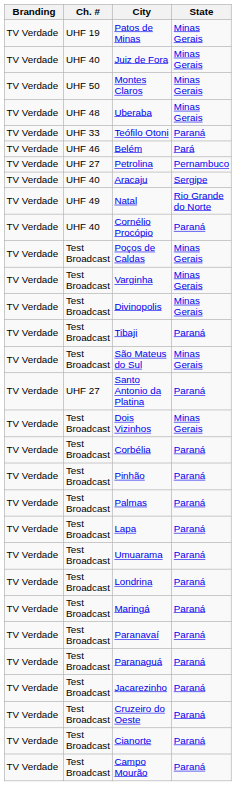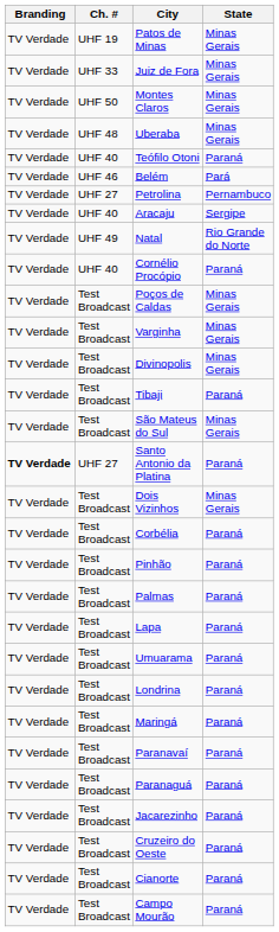 <table class="wikitable sortable" style="=width:400px;">
 <tr>
 <th scope="col" style="width: 90px;">Branding</th>
 <th scope="col" style="width: 70px;">Ch. #</th>
 <th scope="col" style="width: 90px;">City</th>
 <th scope="col" style="width: 90px;">State</th>
 </tr>
 <tr>
 <td>TV Verdade</td>
 <td>UHF 19</td>
 <td><a href='#'>Patos de Minas</a></td>
 <td><a href='#'>Minas Gerais</a></td>
 </tr>
 <tr>
 <td>TV Verdade</td>
-<td>UHF 40</td>
+<td>UHF 33</td>
 <td><a href='#'>Juiz de Fora</a></td>
 <td><a href='#'>Minas Gerais</a></td>
 </tr>
 <tr>
 <td>TV Verdade</td>
 <td>UHF 50</td>
 <td><a href='#'>Montes Claros</a></td>
 <td><a href='#'>Minas Gerais</a></td>
 </tr>
 <tr>
 <td>TV Verdade</td>
 <td>UHF 48</td>
 <td><a href='#'>Uberaba</a></td>
 <td><a href='#'>Minas Gerais</a></td>
 </tr>
 <tr>
 <td>TV Verdade</td>
-<td>UHF 33</td>
+<td>UHF 40</td>
 <td><a href='#'>Teófilo Otoni</a></td>
 <td><a href='#'>Paraná</a></td>
 </tr>
 <tr>
 <td>TV Verdade</td>
 <td>UHF 46</td>
 <td><a href='#'>Belém</a></td>
 <td><a href='#'>Pará</a></td>
 </tr>
 <tr>
 <td>TV Verdade</td>
 <td>UHF 27</td>
 <td><a href='#'>Petrolina</a></td>
 <td><a href='#'>Pernambuco</a></td>
 </tr>
 <tr>
 <td>TV Verdade</td>
 <td>UHF 40</td>
 <td><a href='#'>Aracaju</a></td>
 <td><a href='#'>Sergipe</a></td>
 </tr>
 <tr>
 <td>TV Verdade</td>
 <td>UHF 49</td>
 <td><a href='#'>Natal</a></td>
 <td><a href='#'>Rio Grande do Norte</a></td>
 </tr>
 <tr>
 <td>TV Verdade</td>
 <td>UHF 40</td>
 <td><a href='#'>Cornélio Procópio</a></td>
 <td><a href='#'>Paraná</a></td>
 </tr>
 <tr>
 <td>TV Verdade</td>
 <td>Test Broadcast</td>
 <td><a href='#'>Poços de Caldas</a></td>
 <td><a href='#'>Minas Gerais</a></td>
 </tr>
 <tr>
 <td>TV Verdade</td>
 <td>Test Broadcast</td>
 <td><a href='#'>Varginha</a></td>
 <td><a href='#'>Minas Gerais</a></td>
 </tr>
 <tr>
 <td>TV Verdade</td>
 <td>Test Broadcast</td>
 <td><a href='#'>Divinopolis</a></td>
 <td><a href='#'>Minas Gerais</a></td>
 </tr>
 <tr>
 <td>TV Verdade</td>
 <td>Test Broadcast</td>
 <td><a href='#'>Tibaji</a></td>
 <td><a href='#'>Paraná</a></td>
 </tr>
 <tr>
 <td>TV Verdade</td>
 <td>Test Broadcast</td>
 <td><a href='#'>São Mateus do Sul</a></td>
 <td><a href='#'>Minas Gerais</a></td>
 </tr>
 <tr>
-<td>TV Verdade</td>
+<td><strong>TV Verdade</strong></td>
 <td>UHF 27</td>
 <td><a href='#'>Santo Antonio da Platina</a></td>
 <td><a href='#'>Paraná</a></td>
 </tr>
 <tr>
 <td>TV Verdade</td>
 <td>Test Broadcast</td>
 <td><a href='#'>Dois Vizinhos</a></td>
 <td><a href='#'>Minas Gerais</a></td>
 </tr>
 <tr>
 <td>TV Verdade</td>
 <td>Test Broadcast</td>
 <td><a href='#'>Corbélia</a></td>
 <td><a href='#'>Paraná</a></td>
 </tr>
 <tr>
 <td>TV Verdade</td>
 <td>Test Broadcast</td>
 <td><a href='#'>Pinhão</a></td>
 <td><a href='#'>Paraná</a></td>
 </tr>
 <tr>
 <td>TV Verdade</td>
 <td>Test Broadcast</td>
 <td><a href='#'>Palmas</a></td>
 <td><a href='#'>Paraná</a></td>
 </tr>
 <tr>
 <td>TV Verdade</td>
 <td>Test Broadcast</td>
 <td><a href='#'>Lapa</a></td>
 <td><a href='#'>Paraná</a></td>
 </tr>
 <tr>
 <td>TV Verdade</td>
 <td>Test Broadcast</td>
 <td><a href='#'>Umuarama</a></td>
 <td><a href='#'>Paraná</a></td>
 </tr>
 <tr>
 <td>TV Verdade</td>
 <td>Test Broadcast</td>
 <td><a href='#'>Londrina</a></td>
 <td><a href='#'>Paraná</a></td>
 </tr>
 <tr>
 <td>TV Verdade</td>
 <td>Test Broadcast</td>
 <td><a href='#'>Maringá</a></td>
 <td><a href='#'>Paraná</a></td>
 </tr>
 <tr>
 <td>TV Verdade</td>
 <td>Test Broadcast</td>
 <td><a href='#'>Paranavaí</a></td>
 <td><a href='#'>Paraná</a></td>
 </tr>
 <tr>
 <td>TV Verdade</td>
 <td>Test Broadcast</td>
 <td><a href='#'>Paranaguá</a></td>
 <td><a href='#'>Paraná</a></td>
 </tr>
 <tr>
 <td>TV Verdade</td>
 <td>Test Broadcast</td>
 <td><a href='#'>Jacarezinho</a></td>
 <td><a href='#'>Paraná</a></td>
 </tr>
 <tr>
 <td>TV Verdade</td>
 <td>Test Broadcast</td>
 <td><a href='#'>Cruzeiro do Oeste</a></td>
 <td><a href='#'>Paraná</a></td>
 </tr>
 <tr>
 <td>TV Verdade</td>
 <td>Test Broadcast</td>
 <td><a href='#'>Cianorte</a></td>
 <td><a href='#'>Paraná</a></td>
 </tr>
 <tr>
 <td>TV Verdade</td>
 <td>Test Broadcast</td>
 <td><a href='#'>Campo Mourão</a></td>
 <td><a href='#'>Paraná</a></td>
 </tr>
 </table>
